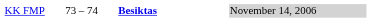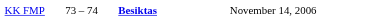 <table style="text-align:center">
 <tr>
 <th width=160></th>
 <th width=100></th>
 <th width=160></th>
 <th width=200></th>
 </tr>
 <tr>
 <td align=right><a href='#'>KK FMP</a> </td>
 <td>73 – 74</td>
 <td align="left"> <strong><a href='#'>Besiktas</a></strong></td>
-<td align=left style="background: lightgrey;">November 14, 2006</td>
+<td align=left>November 14, 2006</td>
 </tr>
 </table>
